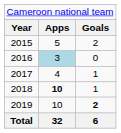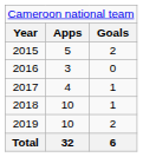 <table class="wikitable" style="text-align:center">
 <tr>
 <td colspan="3"><a href='#'>Cameroon national team</a></td>
 </tr>
 <tr>
 <th>Year</th>
 <th>Apps</th>
 <th>Goals</th>
 </tr>
 <tr>
 <td>2015</td>
 <td>5</td>
 <td>2</td>
 </tr>
 <tr>
 <td>2016</td>
-<td style="background: lightblue;">3</td>
+<td>3</td>
 <td>0</td>
 </tr>
 <tr>
 <td>2017</td>
 <td>4</td>
 <td>1</td>
 </tr>
 <tr>
 <td>2018</td>
-<td><strong>10</strong></td>
+<td>10</td>
 <td>1</td>
 </tr>
 <tr>
 <td>2019</td>
 <td>10</td>
-<td><strong>2</strong></td>
+<td>2</td>
 </tr>
 <tr>
 <th>Total</th>
 <th>32</th>
 <th>6</th>
 </tr>
 </table>
